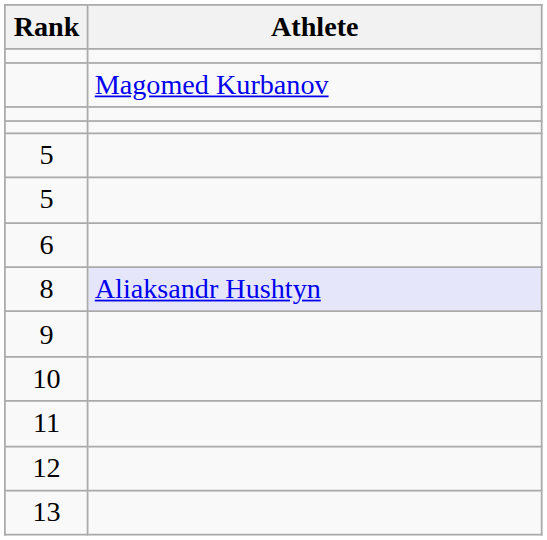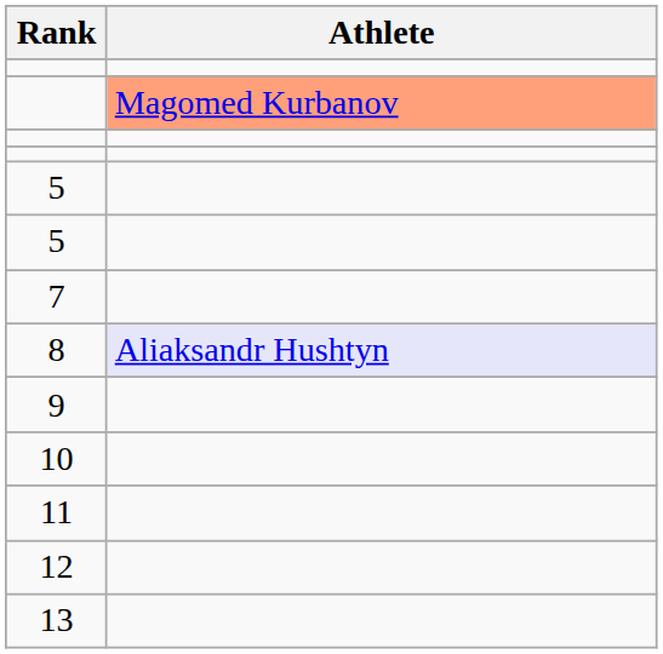 <table class="wikitable" style="text-align: center;">
 <tr>
 <th width=40>Rank</th>
 <th width=250>Athlete</th>
 </tr>
 <tr>
 <td></td>
 <td align="left"></td>
 </tr>
 <tr>
 <td></td>
-<td align="left"> <a href='#'>Magomed Kurbanov</a> </td>
+<td align="left" style="background: lightsalmon;"> <a href='#'>Magomed Kurbanov</a> </td>
 </tr>
 <tr>
 <td></td>
 <td align="left"></td>
 </tr>
 <tr>
 <td></td>
 <td align="left"></td>
 </tr>
 <tr>
 <td>5</td>
 <td align="left"></td>
 </tr>
 <tr>
 <td>5</td>
 <td align="left"></td>
 </tr>
 <tr>
-<td>6</td>
+<td>7</td>
 <td align="left"></td>
 </tr>
 <tr>
 <td>8</td>
 <td align="left" style="background: lavender;"> <a href='#'>Aliaksandr Hushtyn</a> </td>
 </tr>
 <tr>
 <td>9</td>
 <td align="left"></td>
 </tr>
 <tr>
 <td>10</td>
 <td align="left"></td>
 </tr>
 <tr>
 <td>11</td>
 <td align="left"></td>
 </tr>
 <tr>
 <td>12</td>
 <td align="left"></td>
 </tr>
 <tr>
 <td>13</td>
 <td align="left"></td>
 </tr>
 </table>
